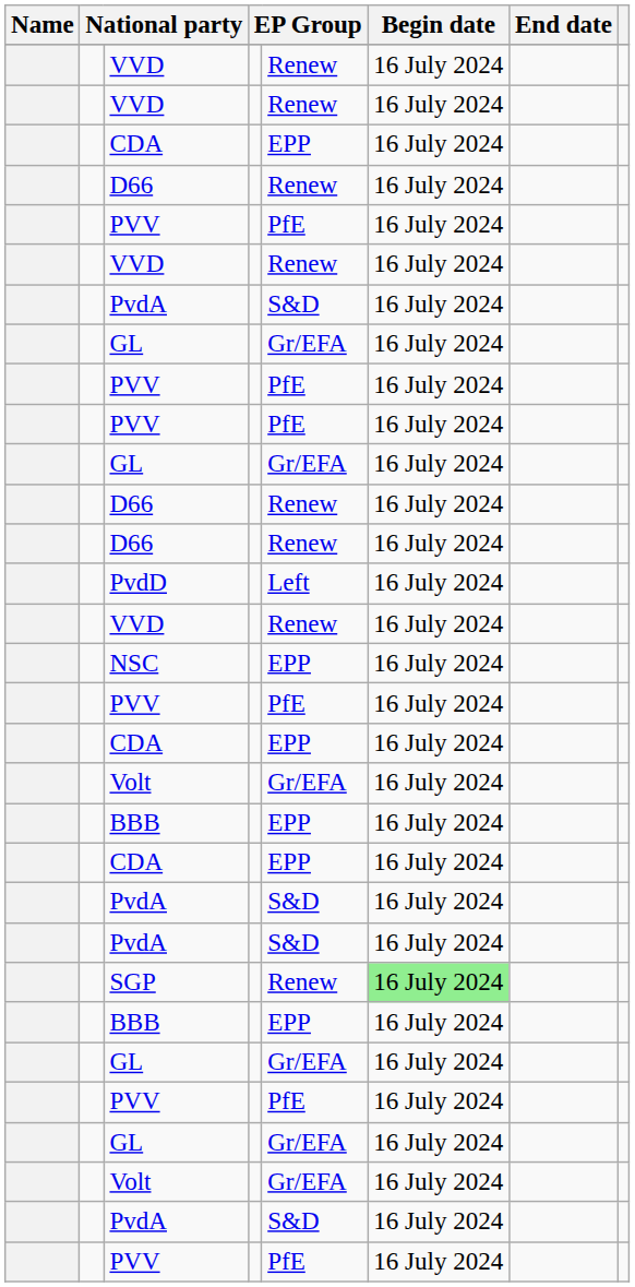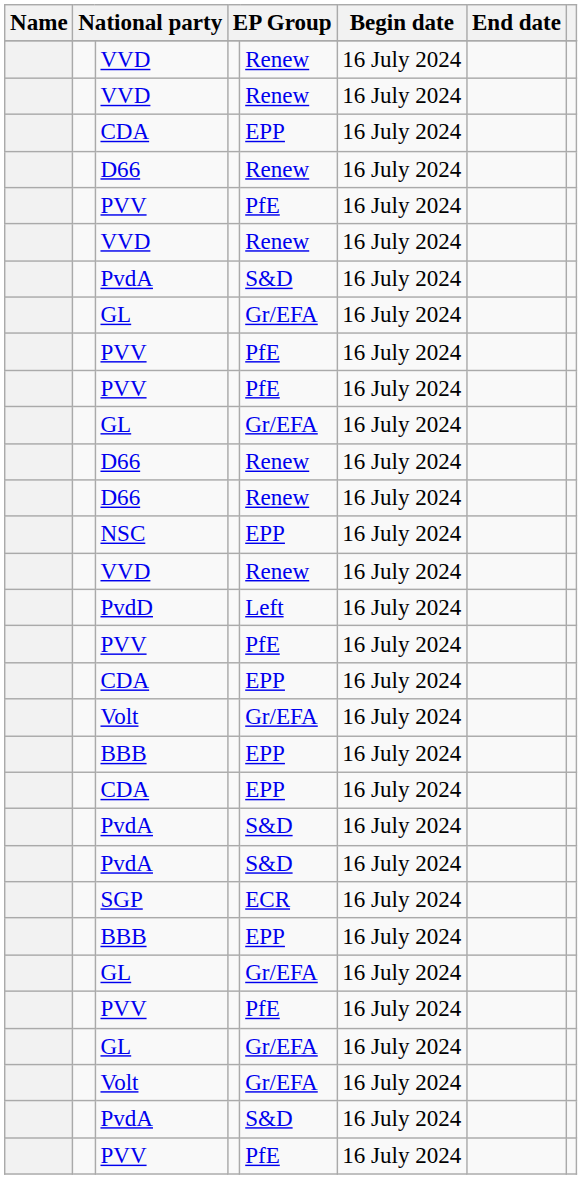 <table class="wikitable sortable plainrowheaders">
 <tr>
 <th scope="col">Name</th>
 <th scope="colgroup" colspan="2">National party</th>
 <th scope="colgroup" colspan="2">EP Group</th>
 <th scope="col">Begin date</th>
 <th scope="col">End date</th>
 <th scope="col" class="unsortable"></th>
 </tr>
 <tr>
 </tr>
 <tr>
 <th scope="row"></th>
 <td style="background-color:"></td>
 <td><a href='#'>VVD</a></td>
 <td style="background: "></td>
 <td><a href='#'>Renew</a></td>
 <td>16 July 2024</td>
 <td></td>
 <td></td>
 </tr>
 <tr>
 <th scope="row"></th>
 <td style="background-color:"></td>
 <td><a href='#'>VVD</a></td>
 <td style="background: "></td>
 <td><a href='#'>Renew</a></td>
 <td>16 July 2024</td>
 <td></td>
 <td></td>
 </tr>
 <tr>
 <th scope="row"></th>
 <td style="background-color:"></td>
 <td><a href='#'>CDA</a></td>
 <td style="background: "></td>
 <td><a href='#'>EPP</a></td>
 <td>16 July 2024</td>
 <td></td>
 <td></td>
 </tr>
 <tr>
 <th scope="row"></th>
 <td style="background-color:"></td>
 <td><a href='#'>D66</a></td>
 <td style="background: "></td>
 <td><a href='#'>Renew</a></td>
 <td>16 July 2024</td>
 <td></td>
 <td></td>
 </tr>
 <tr>
 <th scope="row"></th>
 <td style="background-color:"></td>
 <td><a href='#'>PVV</a></td>
 <td style="background: "></td>
 <td><a href='#'>PfE</a></td>
 <td>16 July 2024</td>
 <td></td>
 <td></td>
 </tr>
 <tr>
 <th scope="row"></th>
 <td style="background-color:"></td>
 <td><a href='#'>VVD</a></td>
 <td style="background: "></td>
 <td><a href='#'>Renew</a></td>
 <td>16 July 2024</td>
 <td></td>
 <td></td>
 </tr>
 <tr>
 <th scope="row"></th>
 <td style="background-color:"></td>
 <td><a href='#'>PvdA</a></td>
 <td style="background: "></td>
 <td><a href='#'>S&D</a></td>
 <td>16 July 2024</td>
 <td></td>
 <td></td>
 </tr>
 <tr>
 <th scope="row"></th>
 <td style="background-color:"></td>
 <td><a href='#'>GL</a></td>
 <td style="background: "></td>
 <td><a href='#'>Gr/EFA</a></td>
 <td>16 July 2024</td>
 <td></td>
 <td></td>
 </tr>
 <tr>
 <th scope="row"></th>
 <td style="background-color:"></td>
 <td><a href='#'>PVV</a></td>
 <td style="background: "></td>
 <td><a href='#'>PfE</a></td>
 <td>16 July 2024</td>
 <td></td>
 <td></td>
 </tr>
 <tr>
 <th scope="row"></th>
 <td style="background-color:"></td>
 <td><a href='#'>PVV</a></td>
 <td style="background: "></td>
 <td><a href='#'>PfE</a></td>
 <td>16 July 2024</td>
 <td></td>
 <td></td>
 </tr>
 <tr>
 <th scope="row"></th>
 <td style="background-color:"></td>
 <td><a href='#'>GL</a></td>
 <td style="background: "></td>
 <td><a href='#'>Gr/EFA</a></td>
 <td>16 July 2024</td>
 <td></td>
 <td></td>
 </tr>
 <tr>
 <th scope="row"></th>
 <td style="background-color:"></td>
 <td><a href='#'>D66</a></td>
 <td style="background: "></td>
 <td><a href='#'>Renew</a></td>
 <td>16 July 2024</td>
 <td></td>
 <td></td>
 </tr>
 <tr>
 <th scope="row"></th>
 <td style="background-color:"></td>
 <td><a href='#'>D66</a></td>
 <td style="background: "></td>
 <td><a href='#'>Renew</a></td>
 <td>16 July 2024</td>
 <td></td>
 <td></td>
 </tr>
 <tr>
 <th scope="row"></th>
-<td style="background-color:"></td>
-<td><a href='#'>PvdD</a></td>
+<td style="background:"></td>
+<td><a href='#'>NSC</a></td>
 <td style="background: "></td>
-<td><a href='#'>Left</a></td>
+<td><a href='#'>EPP</a></td>
 <td>16 July 2024</td>
 <td></td>
 <td></td>
 </tr>
 <tr>
 <th scope="row"></th>
 <td style="background-color:"></td>
 <td><a href='#'>VVD</a></td>
 <td style="background: "></td>
 <td><a href='#'>Renew</a></td>
 <td>16 July 2024</td>
 <td></td>
 <td></td>
 </tr>
 <tr>
 <th scope="row"></th>
-<td style="background:"></td>
-<td><a href='#'>NSC</a></td>
+<td style="background-color:"></td>
+<td><a href='#'>PvdD</a></td>
 <td style="background: "></td>
-<td><a href='#'>EPP</a></td>
+<td><a href='#'>Left</a></td>
 <td>16 July 2024</td>
 <td></td>
 <td></td>
 </tr>
 <tr>
 <th scope="row"></th>
 <td style="background-color:"></td>
 <td><a href='#'>PVV</a></td>
 <td style="background: "></td>
 <td><a href='#'>PfE</a></td>
 <td>16 July 2024</td>
 <td></td>
 <td></td>
 </tr>
 <tr>
 <th scope="row"></th>
 <td style="background-color:"></td>
 <td><a href='#'>CDA</a></td>
 <td style="background: "></td>
 <td><a href='#'>EPP</a></td>
 <td>16 July 2024</td>
 <td></td>
 <td></td>
 </tr>
 <tr>
 <th scope="row"></th>
 <td style="background-color:"></td>
 <td><a href='#'>Volt</a></td>
 <td style="background: "></td>
 <td><a href='#'>Gr/EFA</a></td>
 <td>16 July 2024</td>
 <td></td>
 <td></td>
 </tr>
 <tr>
 <th scope="row"></th>
 <td style="background:"></td>
 <td><a href='#'>BBB</a></td>
 <td style="background: "></td>
 <td><a href='#'>EPP</a></td>
 <td>16 July 2024</td>
 <td></td>
 <td></td>
 </tr>
 <tr>
 <th scope="row"></th>
 <td style="background-color:"></td>
 <td><a href='#'>CDA</a></td>
 <td style="background: "></td>
 <td><a href='#'>EPP</a></td>
 <td>16 July 2024</td>
 <td></td>
 <td></td>
 </tr>
 <tr>
 <th scope="row"></th>
 <td style="background-color:"></td>
 <td><a href='#'>PvdA</a></td>
 <td style="background: "></td>
 <td><a href='#'>S&D</a></td>
 <td>16 July 2024</td>
 <td></td>
 <td></td>
 </tr>
 <tr>
 <th scope="row"></th>
 <td style="background-color:"></td>
 <td><a href='#'>PvdA</a></td>
 <td style="background: "></td>
 <td><a href='#'>S&D</a></td>
 <td>16 July 2024</td>
 <td></td>
 <td></td>
 </tr>
 <tr>
 <th scope="row"></th>
 <td style="background-color:"></td>
 <td><a href='#'>SGP</a></td>
 <td style="background: "></td>
-<td><a href='#'>Renew</a></td>
-<td style="background: lightgreen;">16 July 2024</td>
+<td><a href='#'>ECR</a></td>
+<td>16 July 2024</td>
 <td></td>
 <td></td>
 </tr>
 <tr>
 <th scope="row"></th>
 <td style="background:"></td>
 <td><a href='#'>BBB</a></td>
 <td style="background: "></td>
 <td><a href='#'>EPP</a></td>
 <td>16 July 2024</td>
 <td></td>
 <td></td>
 </tr>
 <tr>
 <th scope="row"></th>
 <td style="background-color:"></td>
 <td><a href='#'>GL</a></td>
 <td style="background: "></td>
 <td><a href='#'>Gr/EFA</a></td>
 <td>16 July 2024</td>
 <td></td>
 <td></td>
 </tr>
 <tr>
 <th scope="row"></th>
 <td style="background-color:"></td>
 <td><a href='#'>PVV</a></td>
 <td style="background: "></td>
 <td><a href='#'>PfE</a></td>
 <td>16 July 2024</td>
 <td></td>
 <td></td>
 </tr>
 <tr>
 <th scope="row"></th>
 <td style="background-color:"></td>
 <td><a href='#'>GL</a></td>
 <td style="background: "></td>
 <td><a href='#'>Gr/EFA</a></td>
 <td>16 July 2024</td>
 <td></td>
 <td></td>
 </tr>
 <tr>
 <th scope="row"></th>
 <td style="background-color:"></td>
 <td><a href='#'>Volt</a></td>
 <td style="background: "></td>
 <td><a href='#'>Gr/EFA</a></td>
 <td>16 July 2024</td>
 <td></td>
 <td></td>
 </tr>
 <tr>
 <th scope="row"></th>
 <td style="background-color:"></td>
 <td><a href='#'>PvdA</a></td>
 <td style="background: "></td>
 <td><a href='#'>S&D</a></td>
 <td>16 July 2024</td>
 <td></td>
 <td></td>
 </tr>
 <tr>
 <th scope="row"></th>
 <td style="background-color:"></td>
 <td><a href='#'>PVV</a></td>
 <td style="background: "></td>
 <td><a href='#'>PfE</a></td>
 <td>16 July 2024</td>
 <td></td>
 <td></td>
 </tr>
 </table>
